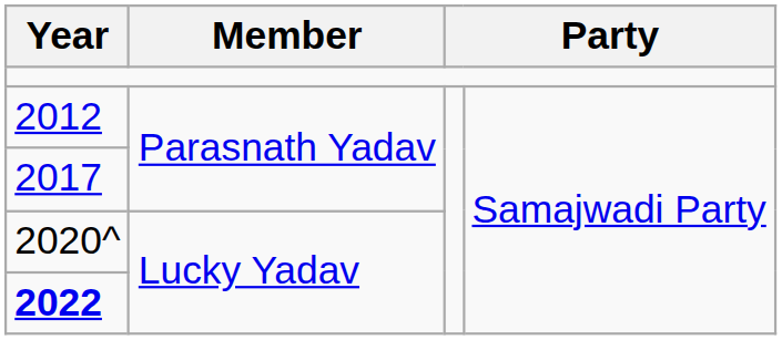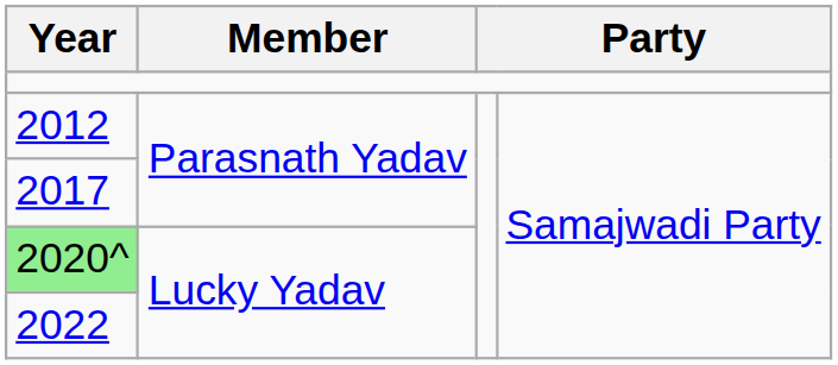 <table class="wikitable">
 <tr>
 <th>Year</th>
 <th>Member</th>
 <th colspan="2">Party</th>
 </tr>
 <tr>
 <td colspan="4"></td>
 </tr>
 <tr>
 <td><a href='#'>2012</a></td>
 <td rowspan="2"><a href='#'>Parasnath Yadav</a></td>
 <td rowspan="4" style="background-color: "></td>
 <td rowspan="4"><a href='#'>Samajwadi Party</a></td>
 </tr>
 <tr>
 <td><a href='#'>2017</a></td>
 </tr>
 <tr>
-<td>2020^</td>
+<td style="background: lightgreen;">2020^</td>
 <td rowspan="2"><a href='#'>Lucky Yadav</a></td>
 </tr>
 <tr>
-<td><strong><a href='#'>2022</a></strong></td>
+<td><a href='#'>2022</a></td>
 </tr>
 </table>
